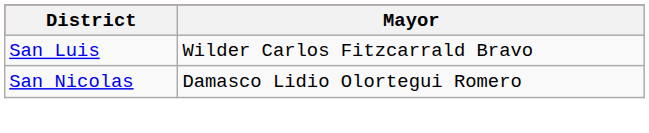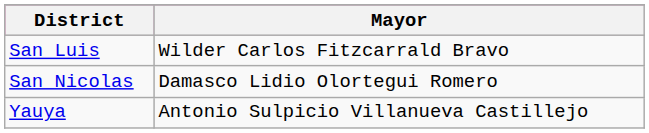 <table class="wikitable"; style="width:35%;" border="1">
 <tr>
 </tr>
 <tr style="background:MediumVioletRed;">
 <th><strong>District</strong></th>
 <th><strong>Mayor</strong></th>
 </tr>
 <tr>
 <td><a href='#'>San Luis</a></td>
 <td>Wilder Carlos Fitzcarrald Bravo</td>
 </tr>
 <tr>
 <td><a href='#'>San Nicolas</a></td>
 <td>Damasco Lidio Olortegui Romero</td>
 </tr>
+<tr>
+<td><a href='#'>Yauya</a></td>
+<td>Antonio Sulpicio Villanueva Castillejo</td>
+</tr>
 </table>
